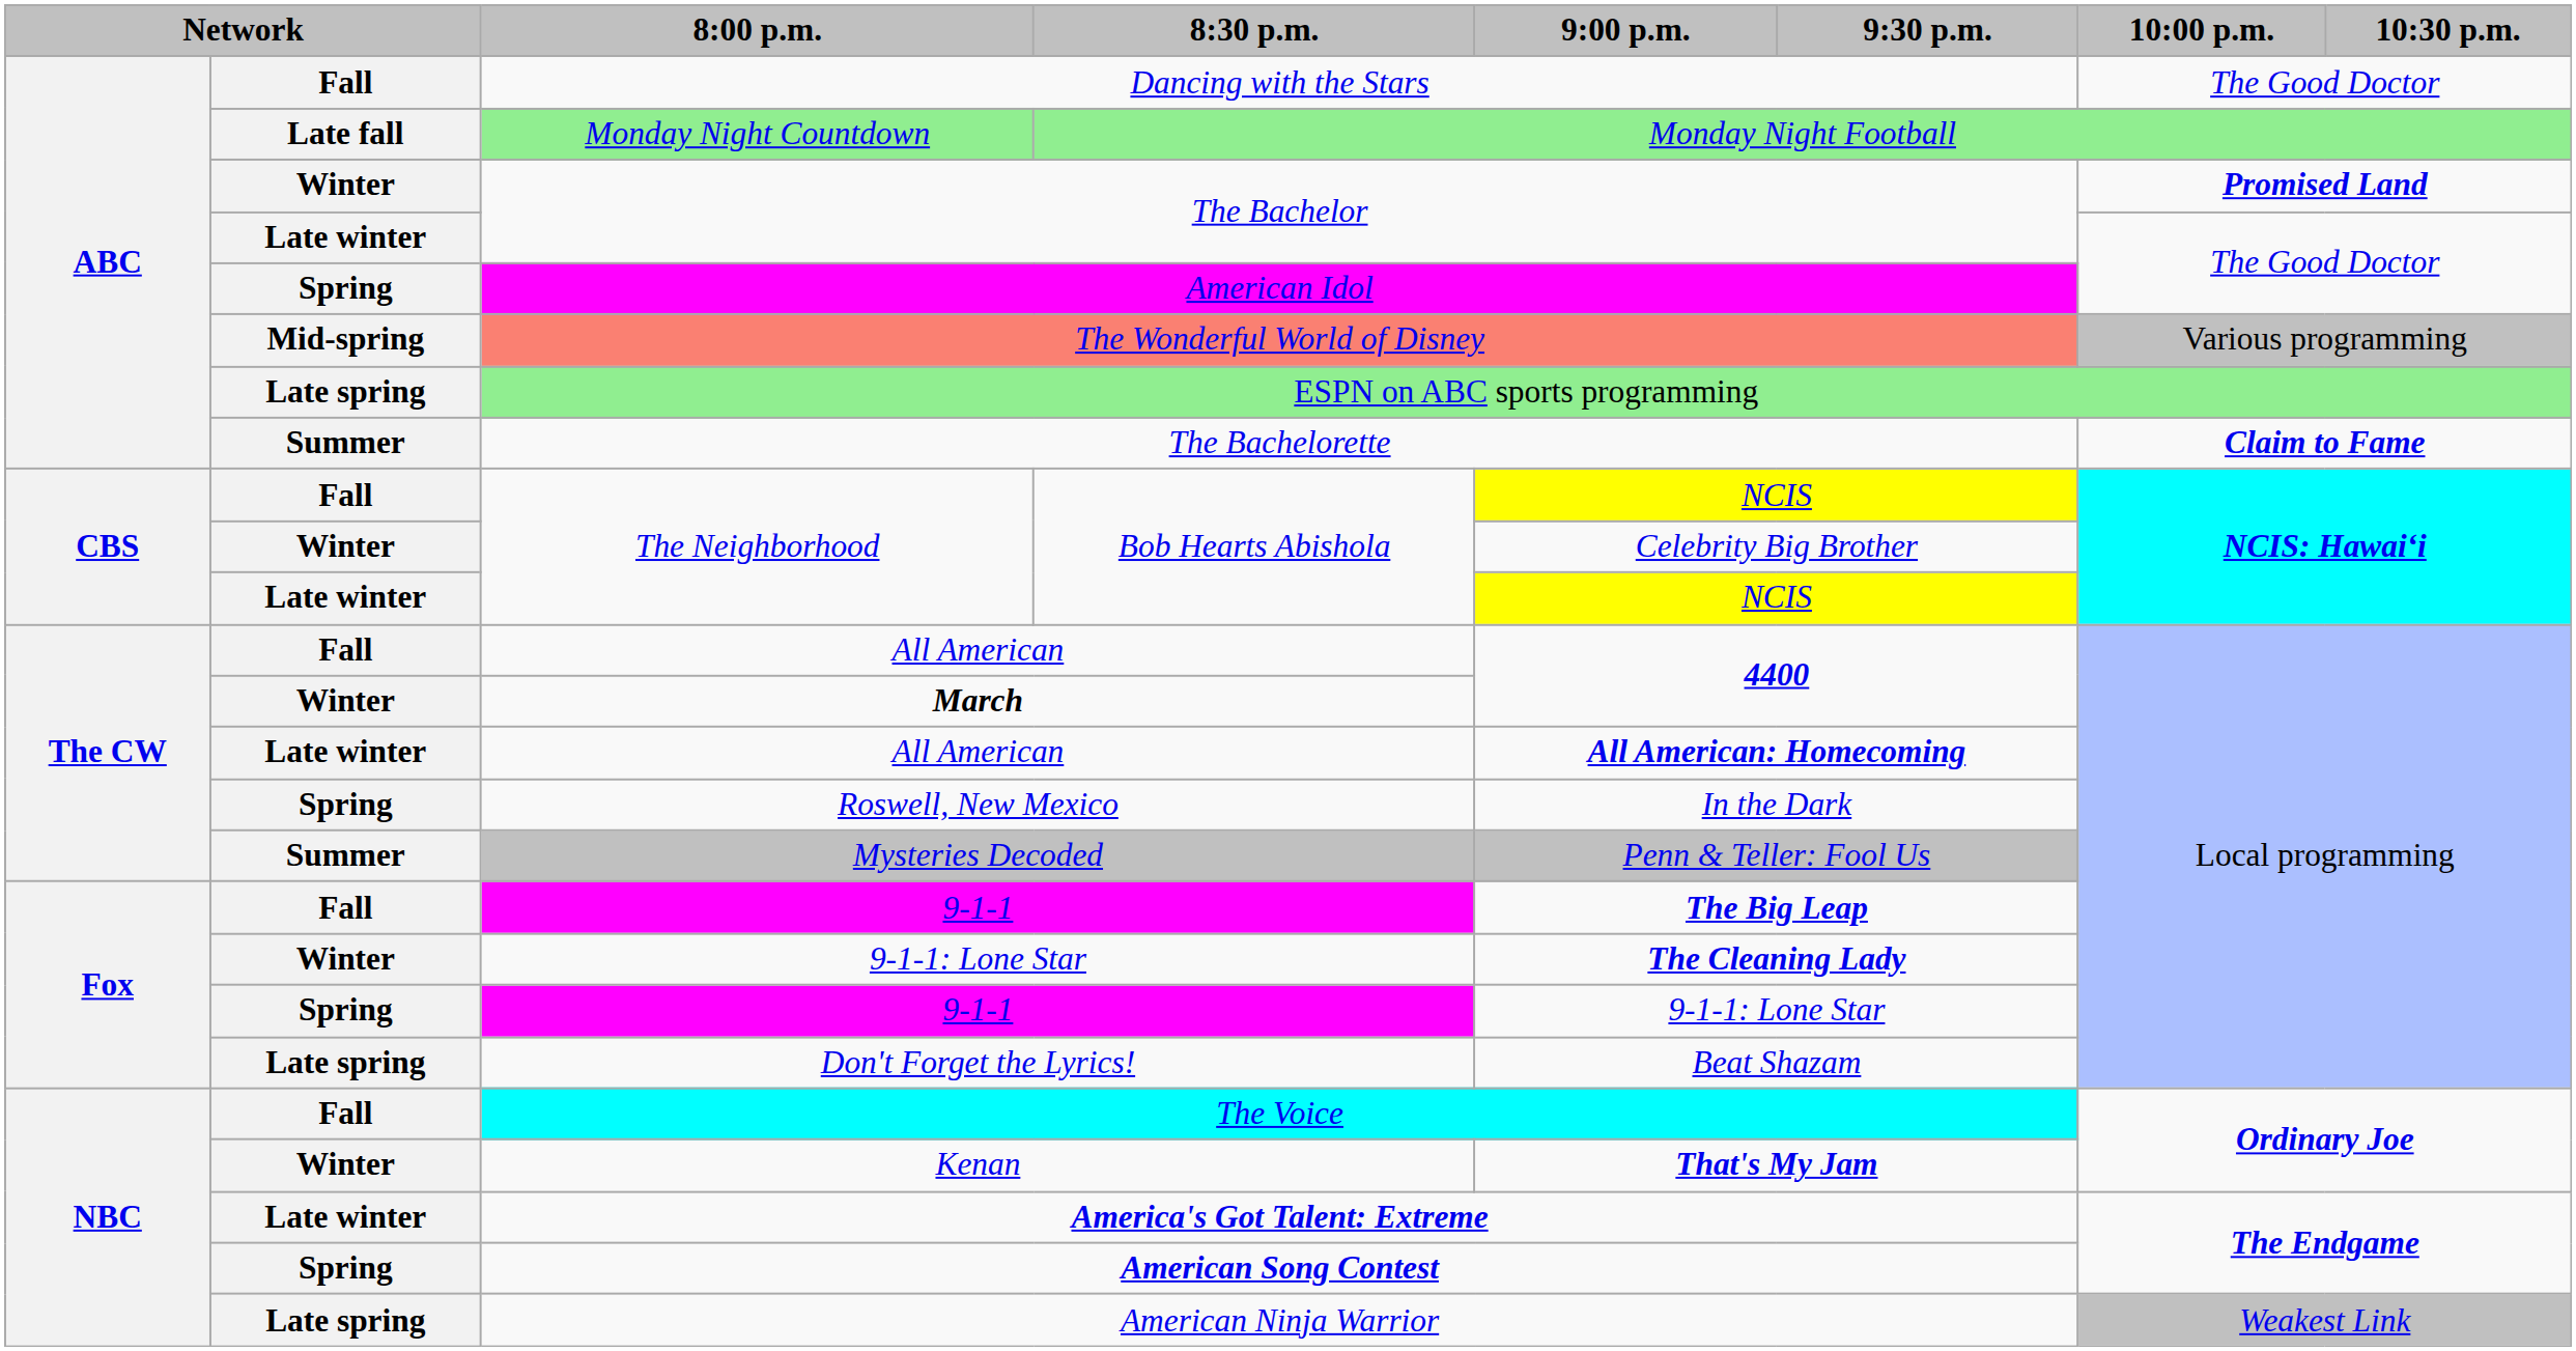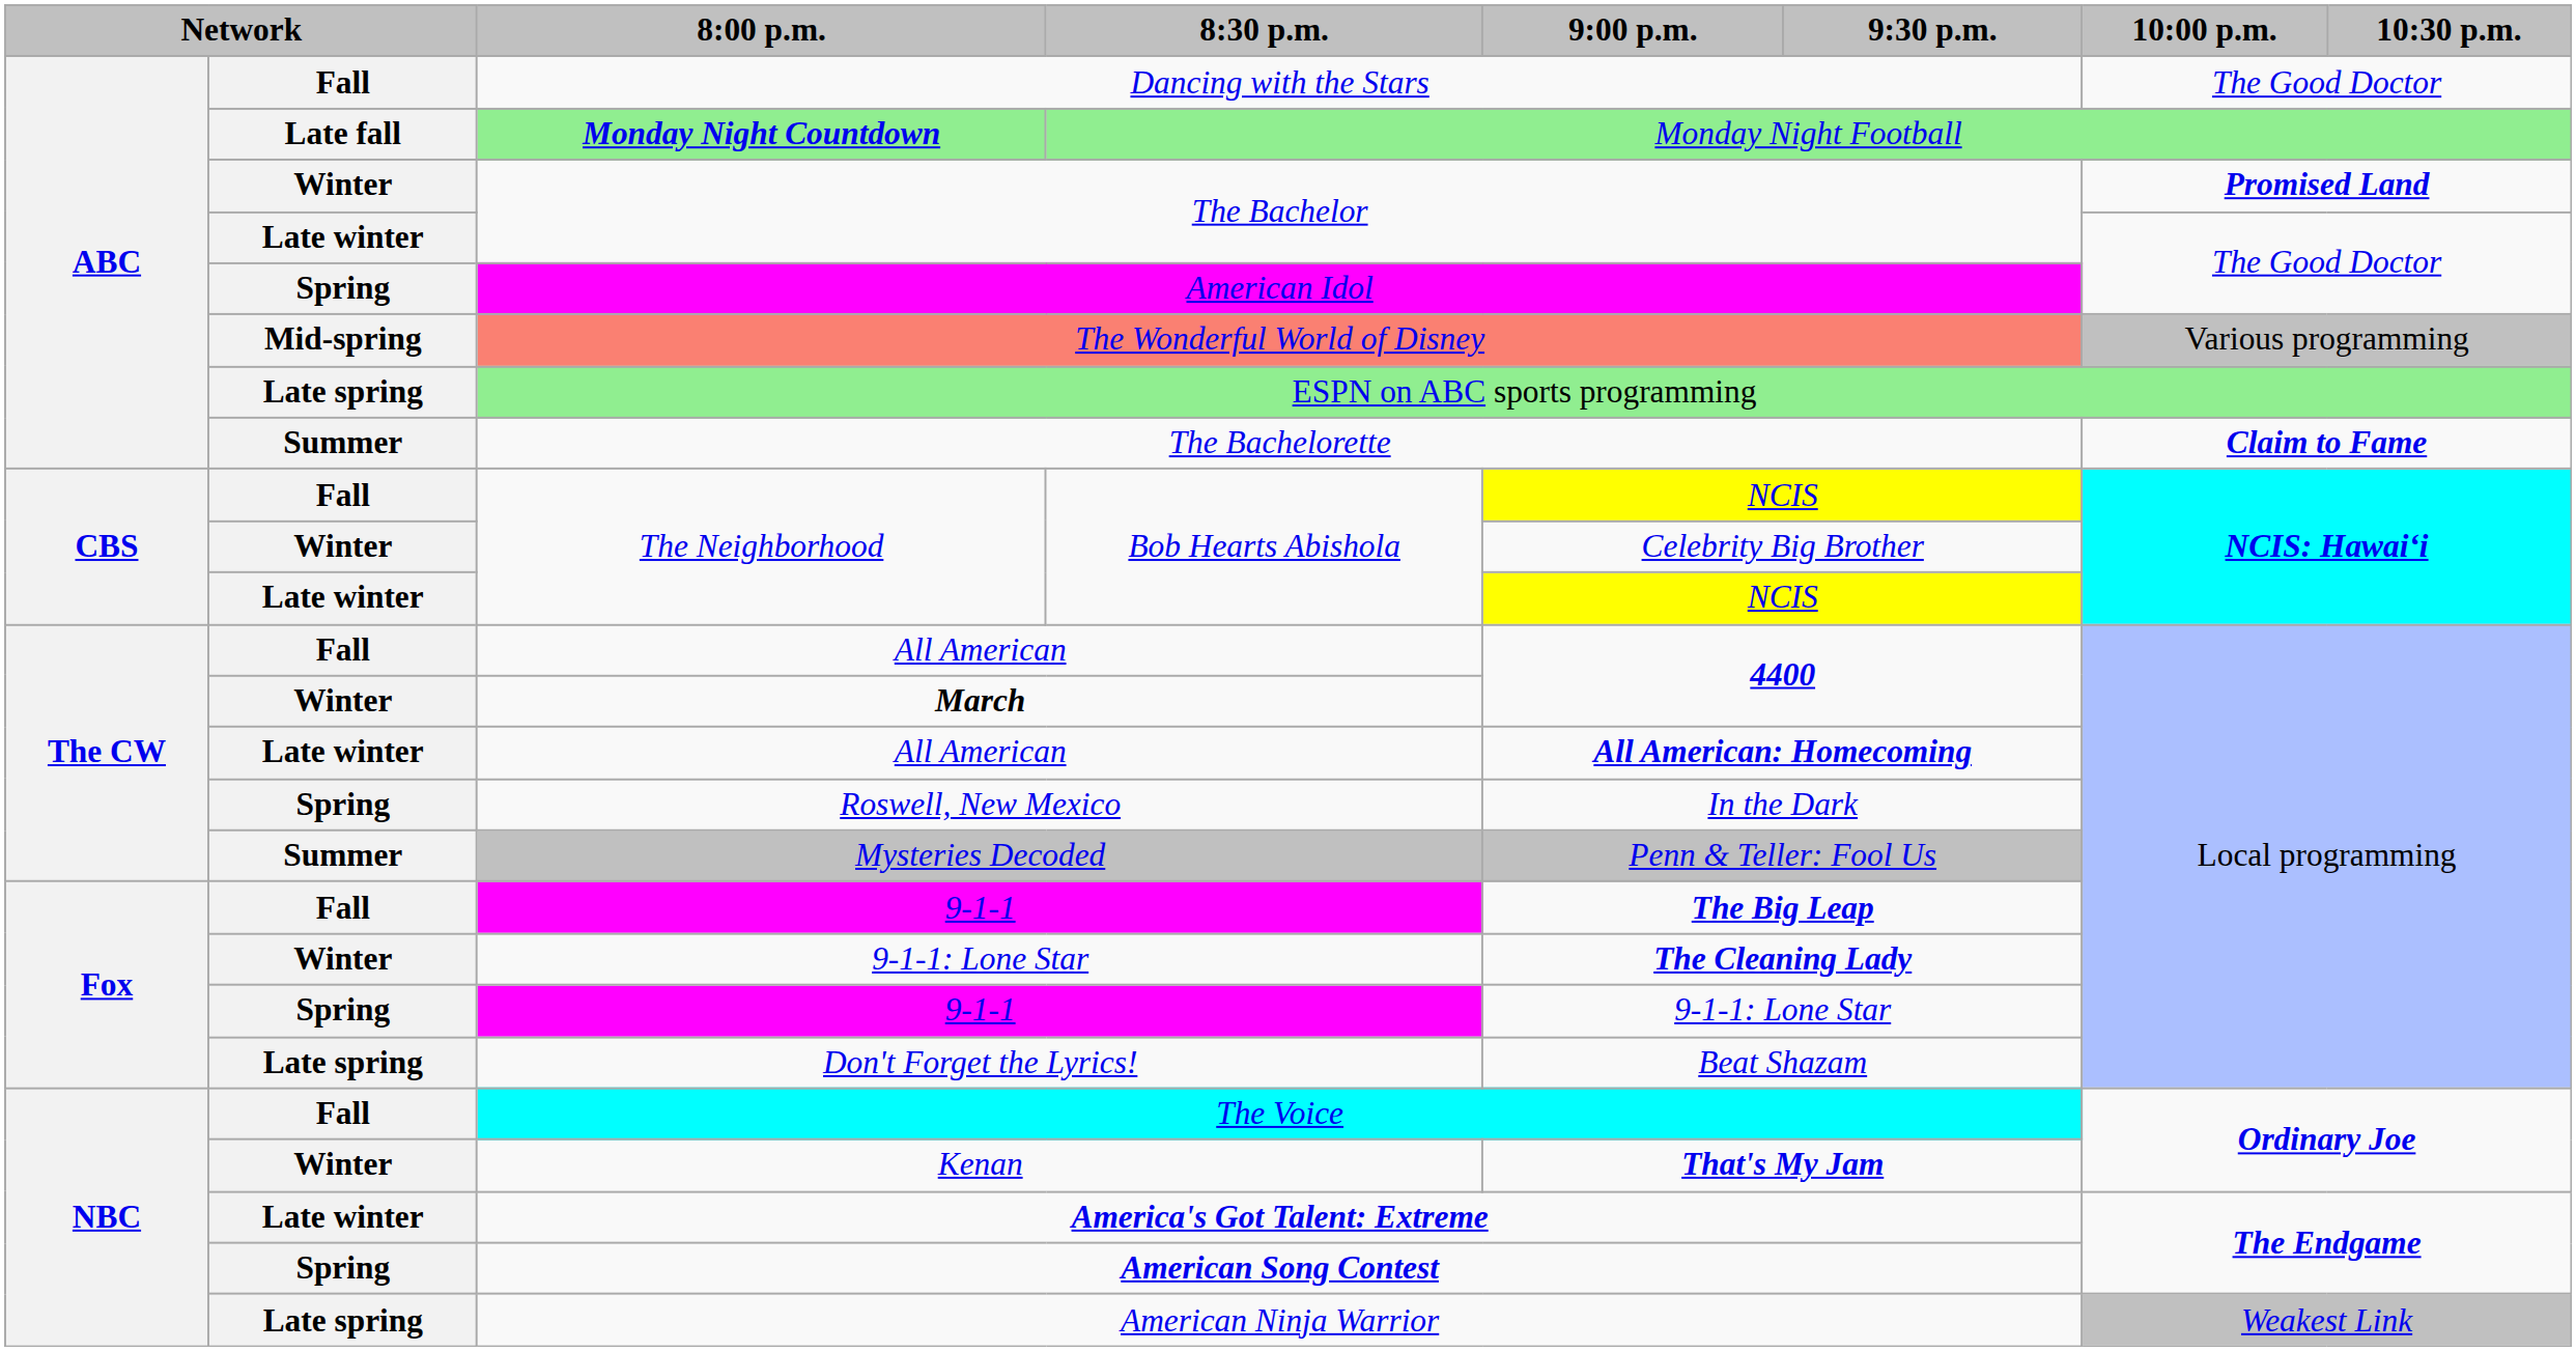 <table class="wikitable" style="width:100%;margin-right:0;text-align:center">
 <tr>
 <th colspan="2" style="background-color:#C0C0C0;text-align:center">Network</th>
 <th style="background-color:#C0C0C0;text-align:center">8:00 p.m.</th>
 <th style="background-color:#C0C0C0;text-align:center">8:30 p.m.</th>
 <th style="background-color:#C0C0C0;text-align:center">9:00 p.m.</th>
 <th style="background-color:#C0C0C0;text-align:center">9:30 p.m.</th>
 <th style="background-color:#C0C0C0;text-align:center">10:00 p.m.</th>
 <th style="background-color:#C0C0C0;text-align:center">10:30 p.m.</th>
 </tr>
 <tr>
 <th rowspan="8"><a href='#'>ABC</a></th>
 <th>Fall</th>
 <td colspan="4"><em><a href='#'>Dancing with the Stars</a></em></td>
 <td colspan="2"><em><a href='#'>The Good Doctor</a></em></td>
 </tr>
 <tr>
 <th>Late fall</th>
-<td style="background:lightgreen;"><em><a href='#'>Monday Night Countdown</a></em></td>
+<td style="background:lightgreen;"><strong><em><a href='#'>Monday Night Countdown</a></em></strong></td>
 <td colspan="5" style="background:lightgreen;"><em><a href='#'>Monday Night Football</a></em> </td>
 </tr>
 <tr>
 <th>Winter</th>
 <td rowspan="2" colspan="4"><em><a href='#'>The Bachelor</a></em></td>
 <td colspan="2"><strong><em><a href='#'>Promised Land</a></em></strong></td>
 </tr>
 <tr>
 <th>Late winter</th>
 <td rowspan="2" colspan="2"><em><a href='#'>The Good Doctor</a></em></td>
 </tr>
 <tr>
 <th>Spring</th>
 <td colspan="4" style="background:magenta;"><em><a href='#'>American Idol</a></em> </td>
 </tr>
 <tr>
 <th>Mid-spring</th>
 <td colspan="4" style="background:#FA8072;"><em><a href='#'>The Wonderful World of Disney</a></em></td>
 <td colspan="2" style="background:#C0C0C0;">Various programming</td>
 </tr>
 <tr>
 <th>Late spring</th>
 <td colspan="6" style="background:lightgreen;"><a href='#'>ESPN on ABC</a> sports programming</td>
 </tr>
 <tr>
 <th>Summer</th>
 <td colspan="4"><em><a href='#'>The Bachelorette</a></em></td>
 <td colspan="2"><strong><em><a href='#'>Claim to Fame</a></em></strong></td>
 </tr>
 <tr>
 <th rowspan="3"><a href='#'>CBS</a></th>
 <th>Fall</th>
 <td rowspan="3"><em><a href='#'>The Neighborhood</a></em></td>
 <td rowspan="3"><em><a href='#'>Bob Hearts Abishola</a></em></td>
 <td colspan="2" style="background:yellow;"><em><a href='#'>NCIS</a></em> </td>
 <td rowspan="3" colspan="2" style="background:cyan;"><strong><em><a href='#'>NCIS: Hawaiʻi</a></em></strong> </td>
 </tr>
 <tr>
 <th>Winter</th>
 <td colspan="2"><em><a href='#'>Celebrity Big Brother</a></em></td>
 </tr>
 <tr>
 <th>Late winter</th>
 <td colspan="2" style="background:yellow;"><em><a href='#'>NCIS</a></em> </td>
 </tr>
 <tr>
 <th rowspan="5"><a href='#'>The CW</a></th>
 <th>Fall</th>
 <td colspan="2"><em><a href='#'>All American</a></em></td>
 <td rowspan="2" colspan="2"><strong><em><a href='#'>4400</a></em></strong></td>
 <td rowspan="9" colspan="2" style="background:#abbfff;">Local programming</td>
 </tr>
 <tr>
 <th>Winter</th>
 <td colspan="2"><strong><em>March</em></strong></td>
 </tr>
 <tr>
 <th>Late winter</th>
 <td colspan="2"><em><a href='#'>All American</a></em></td>
 <td colspan="2"><strong><em><a href='#'>All American: Homecoming</a></em></strong></td>
 </tr>
 <tr>
 <th>Spring</th>
 <td colspan="2"><em><a href='#'>Roswell, New Mexico</a></em></td>
 <td colspan="2"><em><a href='#'>In the Dark</a></em></td>
 </tr>
 <tr>
 <th>Summer</th>
 <td colspan="2" style="background:#C0C0C0;"><em><a href='#'>Mysteries Decoded</a></em> </td>
 <td colspan="2" style="background:#C0C0C0;"><em><a href='#'>Penn & Teller: Fool Us</a></em> </td>
 </tr>
 <tr>
 <th rowspan="4"><a href='#'>Fox</a></th>
 <th>Fall</th>
 <td colspan="2" style="background:magenta;"><em><a href='#'>9-1-1</a></em> </td>
 <td colspan="2"><strong><em><a href='#'>The Big Leap</a></em></strong></td>
 </tr>
 <tr>
 <th>Winter</th>
 <td colspan="2"><em><a href='#'>9-1-1: Lone Star</a></em></td>
 <td colspan="2"><strong><em><a href='#'>The Cleaning Lady</a></em></strong></td>
 </tr>
 <tr>
 <th>Spring</th>
 <td colspan="2" style="background:magenta;"><em><a href='#'>9-1-1</a></em> </td>
 <td colspan="2"><em><a href='#'>9-1-1: Lone Star</a></em></td>
 </tr>
 <tr>
 <th>Late spring</th>
 <td colspan="2"><em><a href='#'>Don't Forget the Lyrics!</a></em></td>
 <td colspan="2"><em><a href='#'>Beat Shazam</a></em></td>
 </tr>
 <tr>
 <th rowspan="5"><a href='#'>NBC</a></th>
 <th>Fall</th>
 <td colspan="4" style="background:cyan;"><em><a href='#'>The Voice</a></em> </td>
 <td rowspan="2" colspan="2"><strong><em><a href='#'>Ordinary Joe</a></em></strong></td>
 </tr>
 <tr>
 <th>Winter</th>
 <td colspan="2"><em><a href='#'>Kenan</a></em></td>
 <td colspan="2"><strong><em><a href='#'>That's My Jam</a></em></strong></td>
 </tr>
 <tr>
 <th>Late winter</th>
 <td colspan="4"><strong><em><a href='#'>America's Got Talent: Extreme</a></em></strong></td>
 <td rowspan="2" colspan="2"><strong><em><a href='#'>The Endgame</a></em></strong></td>
 </tr>
 <tr>
 <th>Spring</th>
 <td colspan="4"><strong><em><a href='#'>American Song Contest</a></em></strong></td>
 </tr>
 <tr>
 <th>Late spring</th>
 <td colspan="4"><em><a href='#'>American Ninja Warrior</a></em></td>
 <td colspan="2" style="background:#C0C0C0;"><em><a href='#'>Weakest Link</a></em> </td>
 </tr>
 </table>
